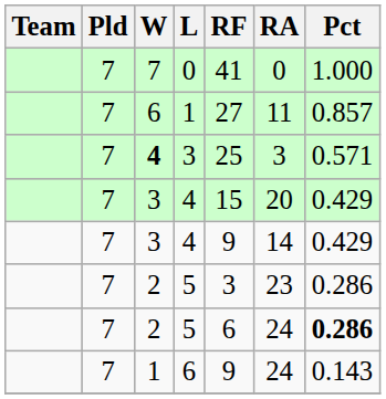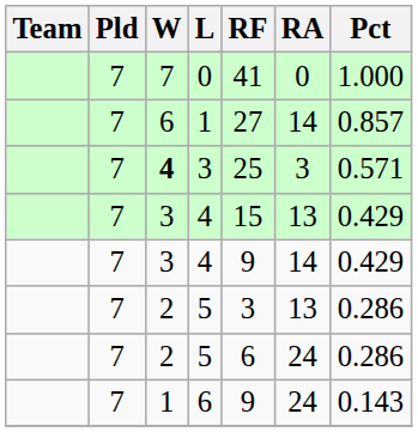 <table class="wikitable">
 <tr>
 <th bgcolor="#efefef">Team</th>
 <th bgcolor="#efefef">Pld</th>
 <th bgcolor="#efefef">W</th>
 <th bgcolor="#efefef">L</th>
 <th bgcolor="#efefef">RF</th>
 <th bgcolor="#efefef">RA</th>
 <th bgcolor="#efefef">Pct</th>
 </tr>
 <tr align=center bgcolor="#ccffcc">
 <td align=left></td>
 <td>7</td>
 <td>7</td>
 <td>0</td>
 <td>41</td>
 <td>0</td>
 <td>1.000</td>
 </tr>
 <tr align=center bgcolor="#ccffcc">
 <td align=left></td>
 <td>7</td>
 <td>6</td>
 <td>1</td>
 <td>27</td>
-<td>11</td>
+<td>14</td>
 <td>0.857</td>
 </tr>
 <tr align=center bgcolor="#ccffcc">
 <td align=left></td>
 <td>7</td>
 <td><strong>4</strong></td>
 <td>3</td>
 <td>25</td>
 <td>3</td>
 <td>0.571</td>
 </tr>
 <tr align=center bgcolor="#ccffcc">
 <td align=left></td>
 <td>7</td>
 <td>3</td>
 <td>4</td>
 <td>15</td>
-<td>20</td>
+<td>13</td>
 <td>0.429</td>
 </tr>
 <tr align=center>
 <td align=left></td>
 <td>7</td>
 <td>3</td>
 <td>4</td>
 <td>9</td>
 <td>14</td>
 <td>0.429</td>
 </tr>
 <tr align=center>
 <td align=left></td>
 <td>7</td>
 <td>2</td>
 <td>5</td>
 <td>3</td>
-<td>23</td>
+<td>13</td>
 <td>0.286</td>
 </tr>
 <tr align=center>
 <td align=left></td>
 <td>7</td>
 <td>2</td>
 <td>5</td>
 <td>6</td>
 <td>24</td>
-<td><strong>0.286</strong></td>
+<td>0.286</td>
 </tr>
 <tr align=center>
 <td align=left></td>
 <td>7</td>
 <td>1</td>
 <td>6</td>
 <td>9</td>
 <td>24</td>
 <td>0.143</td>
 </tr>
 <tr>
 </tr>
 </table>
